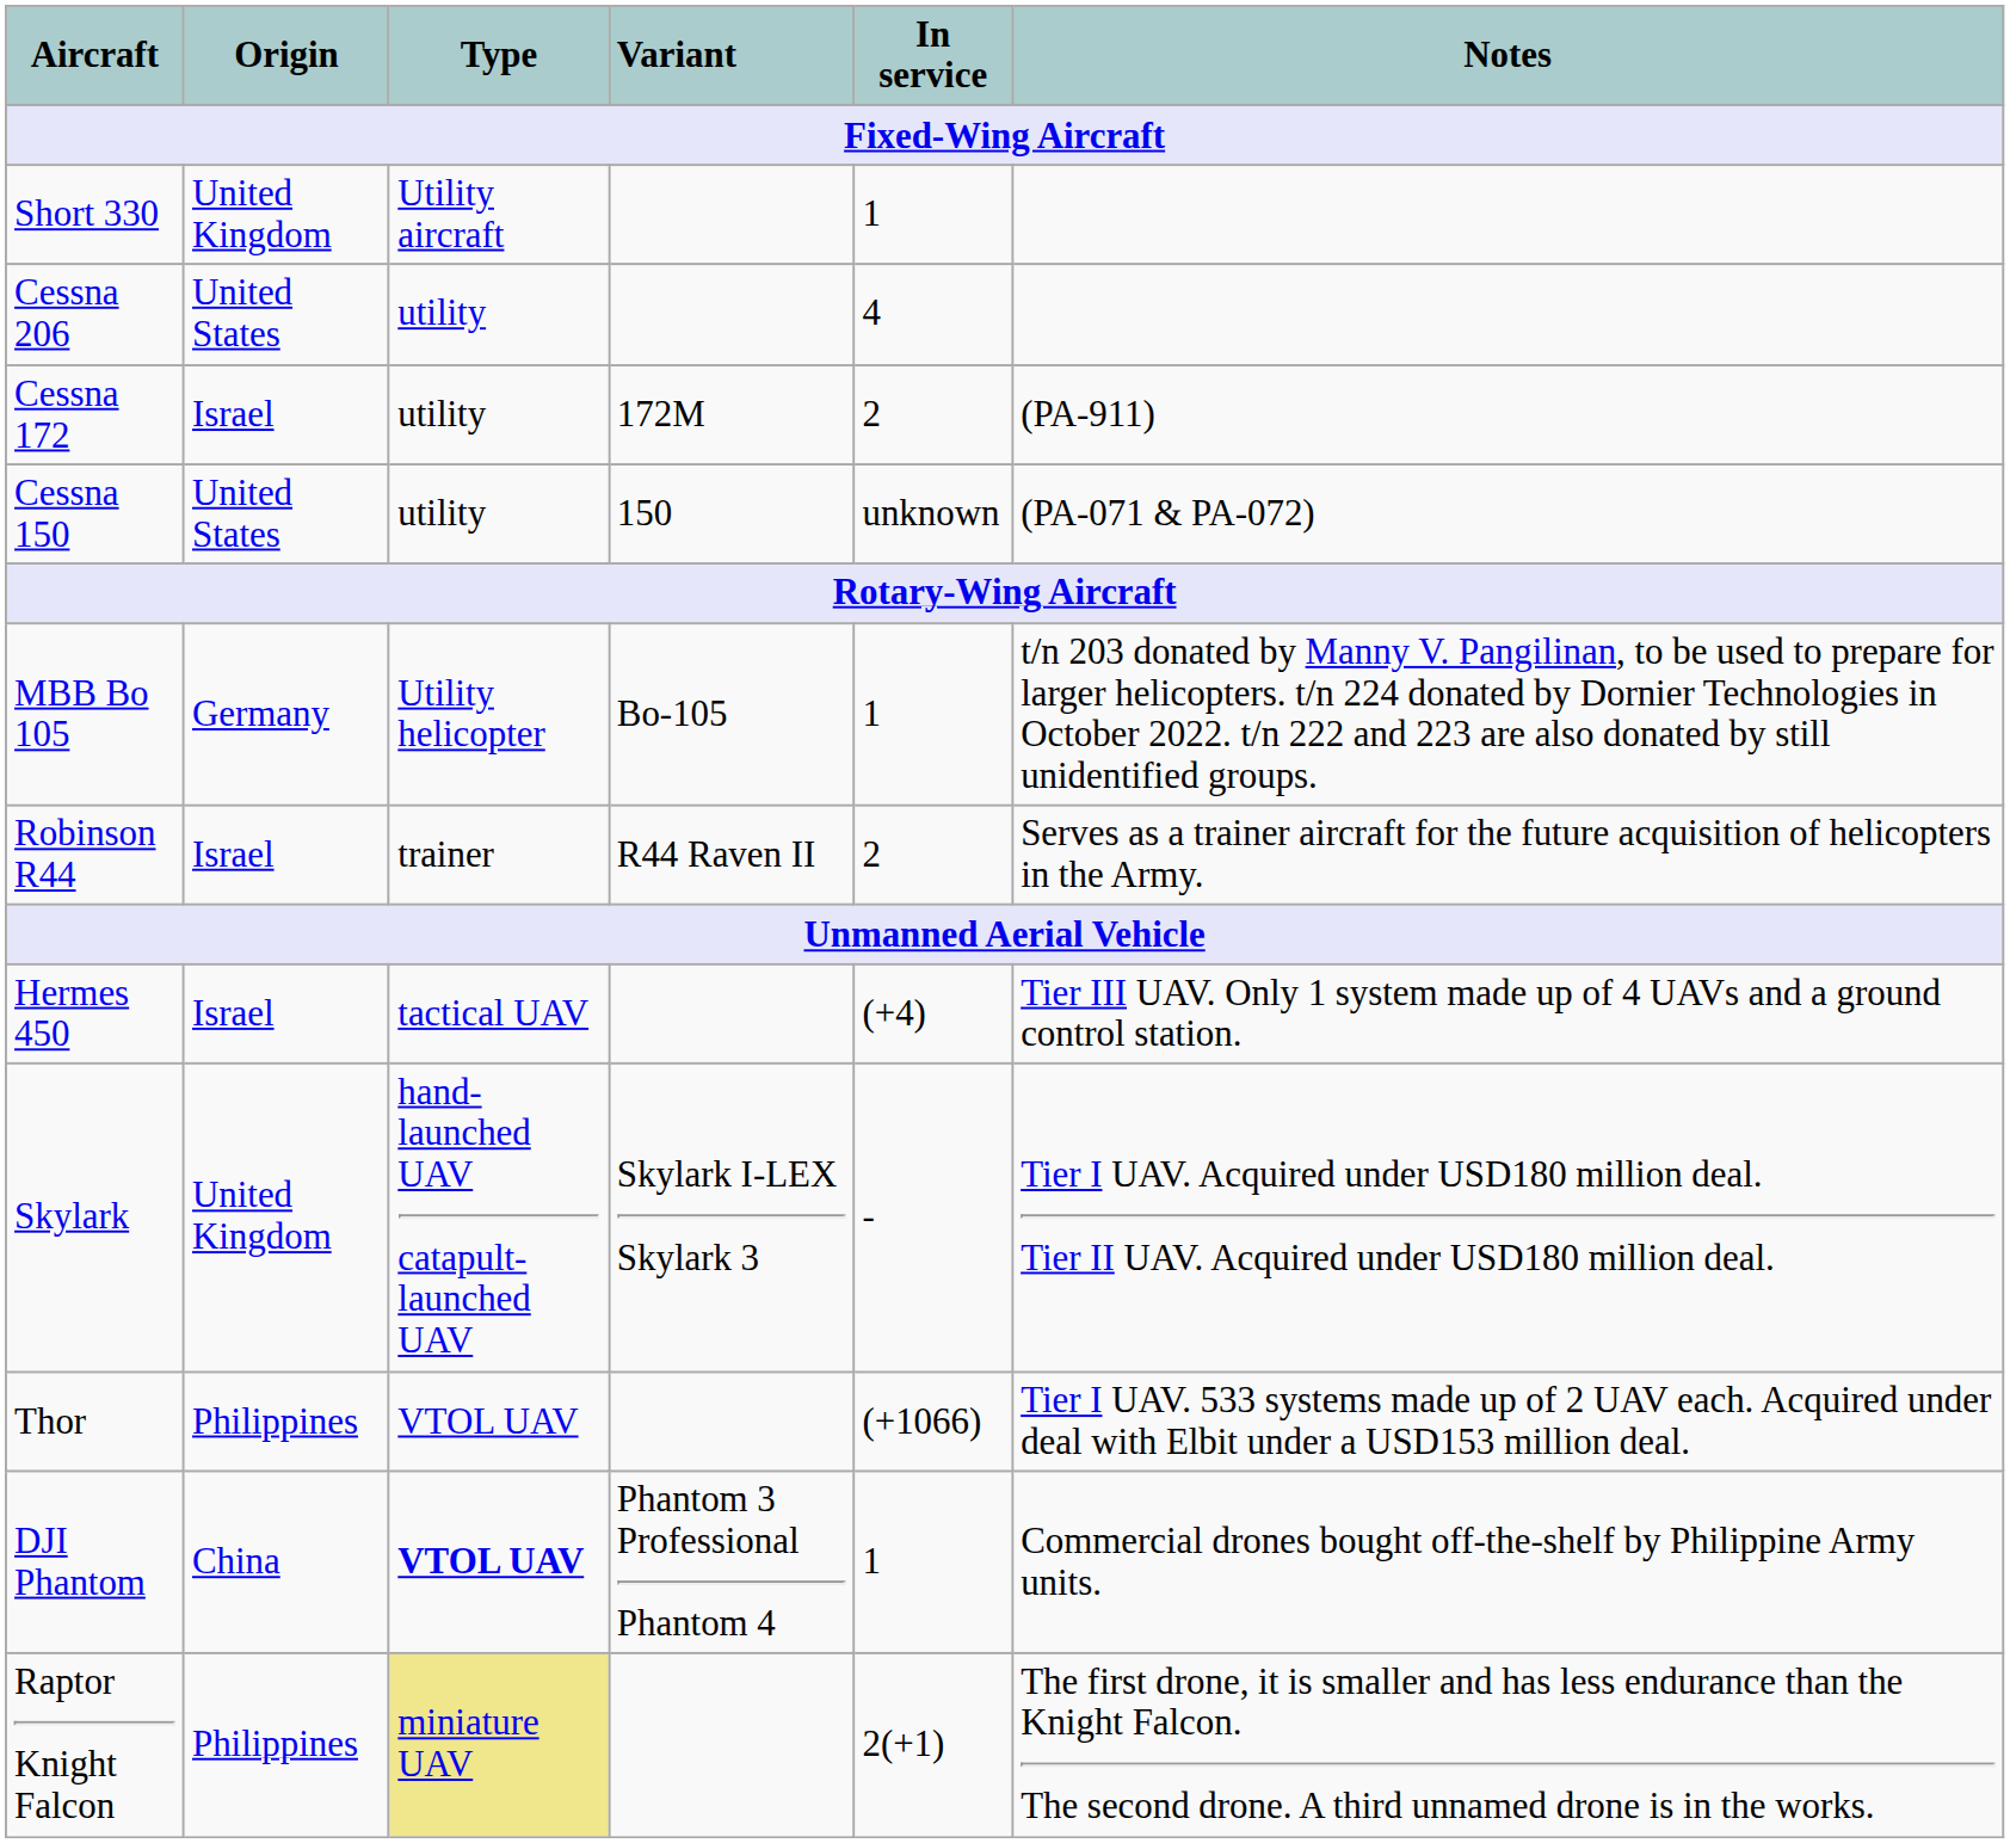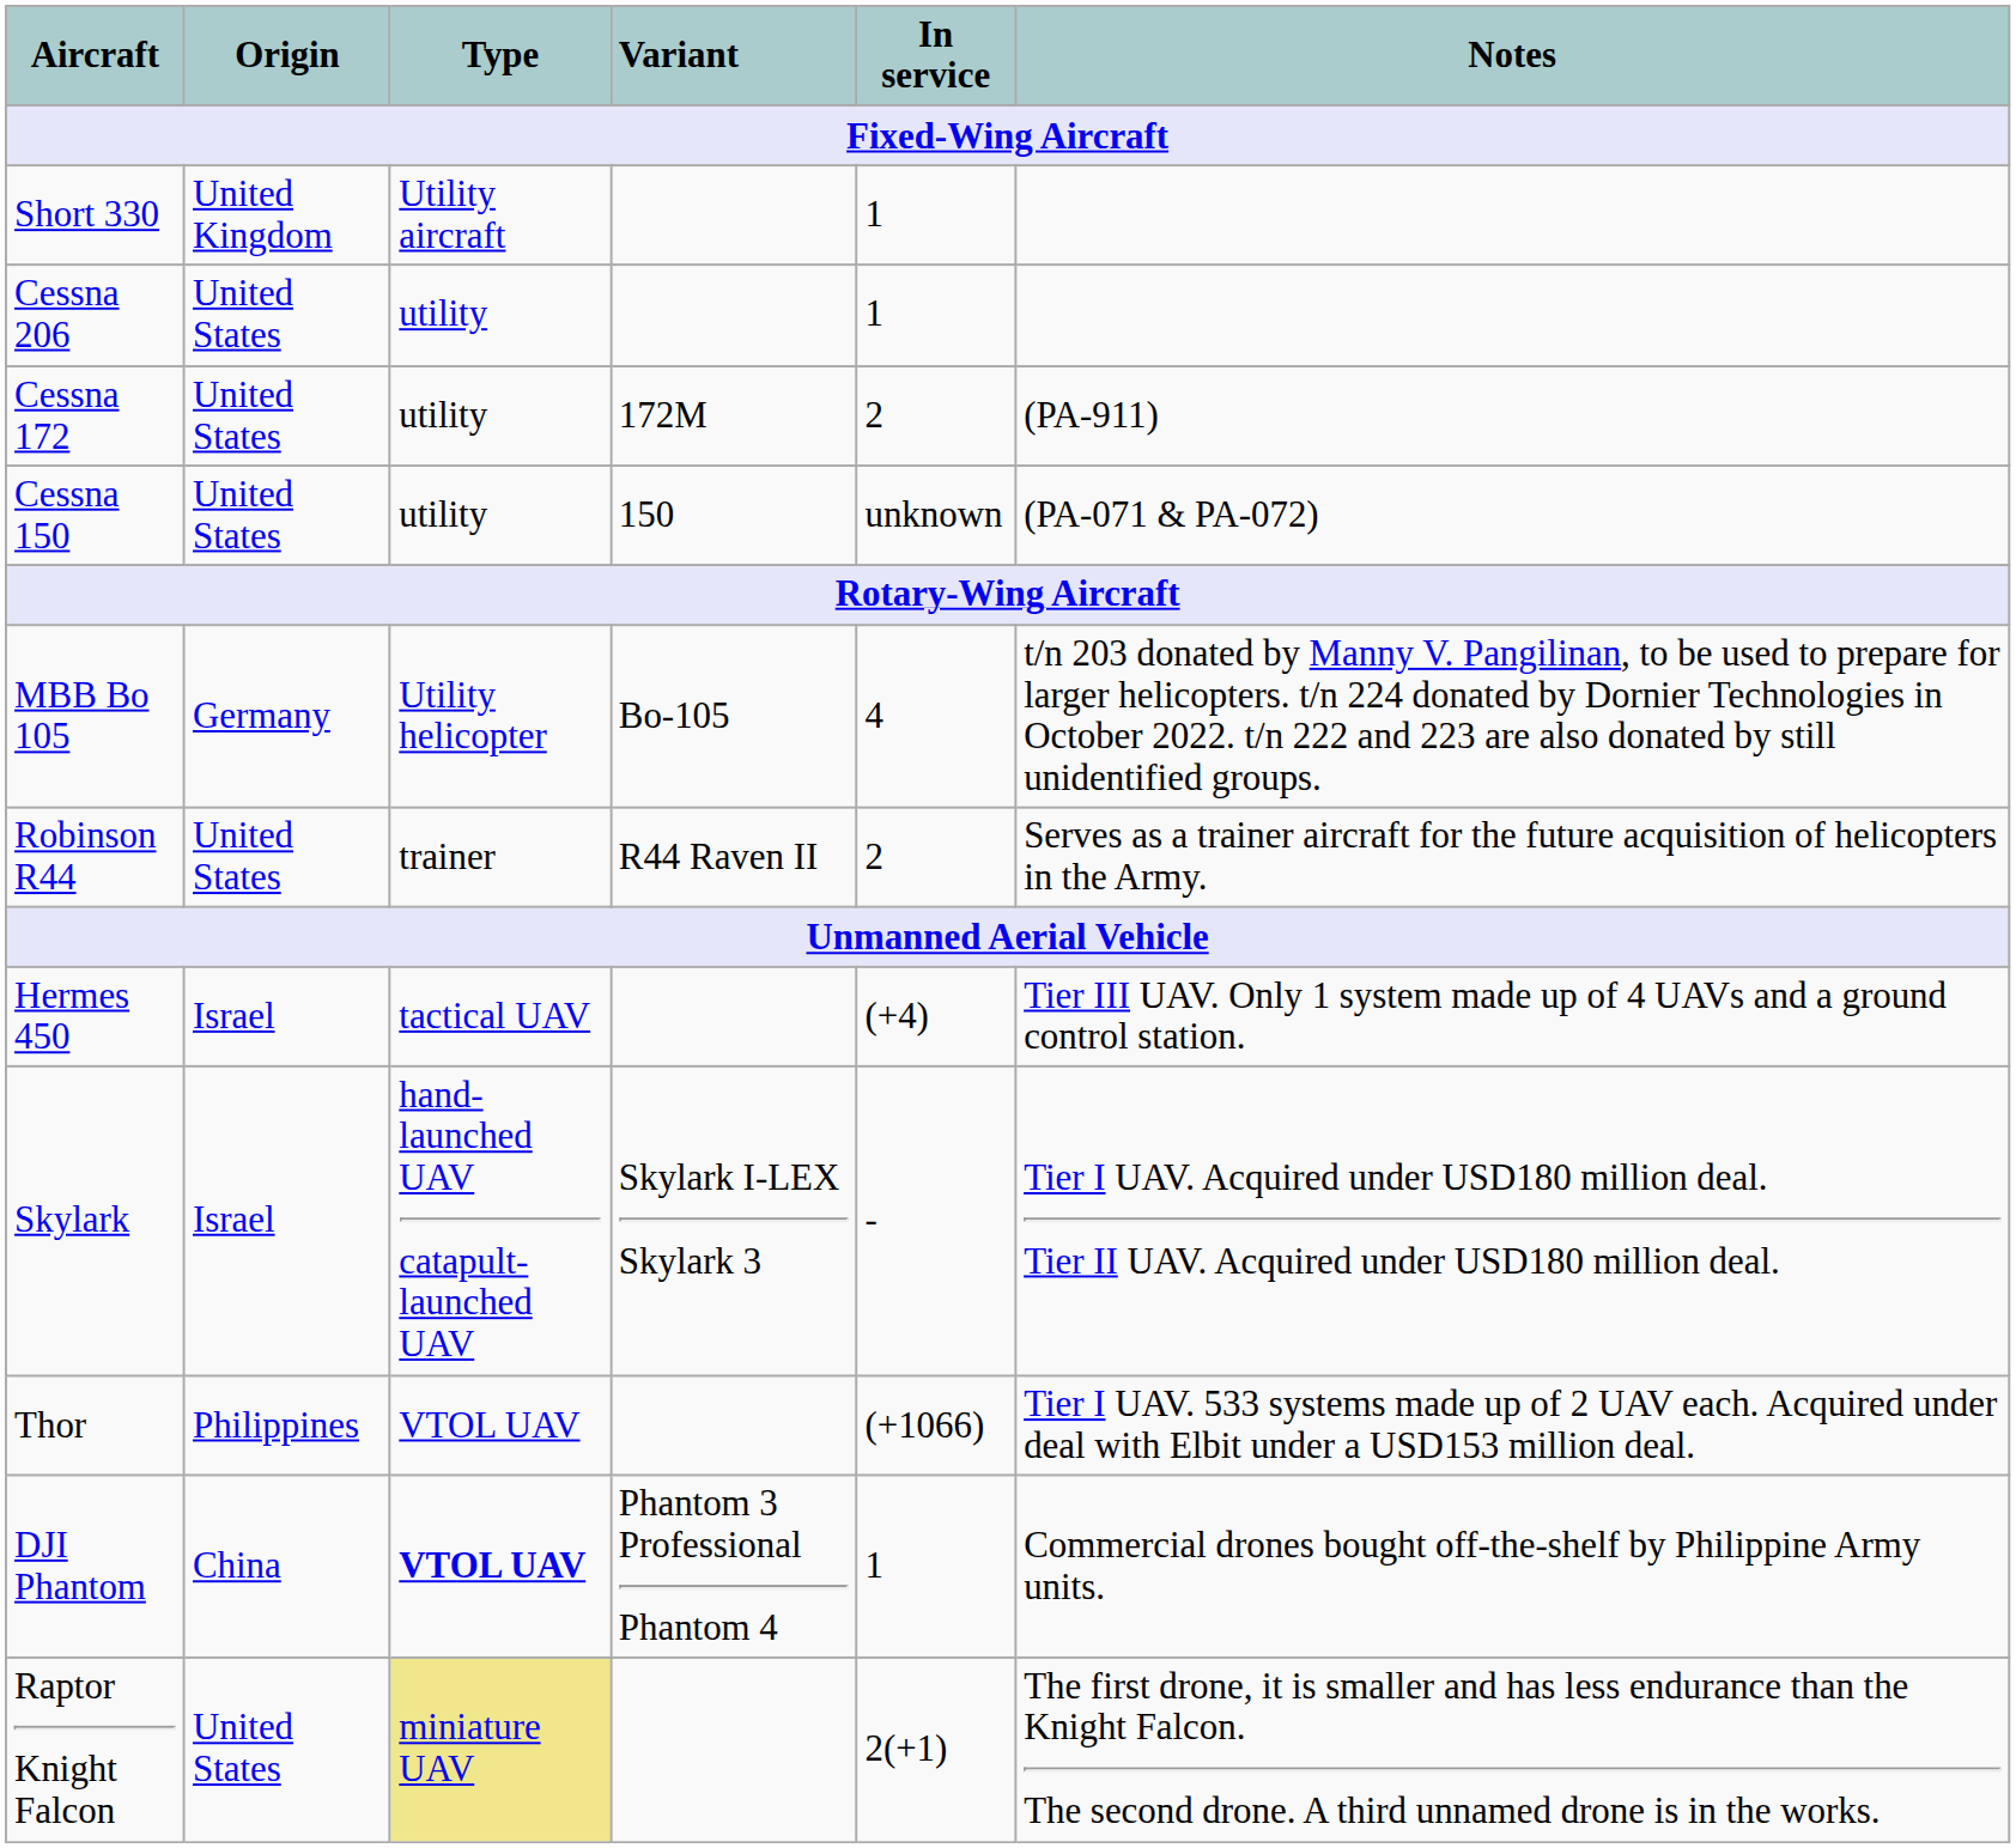 <table class="wikitable">
 <tr>
 <th style="text-align:center; background:#acc;">Aircraft</th>
 <th style="text-align: center; background:#acc;">Origin</th>
 <th style="text-align:l center; background:#acc;">Type</th>
 <th style="text-align:left; background:#acc;">Variant</th>
 <th style="text-align:center; background:#acc;">In service</th>
 <th style="text-align: center; background:#acc;">Notes</th>
 </tr>
 <tr>
 <th style="align: center; background: lavender;" colspan="6"><a href='#'>Fixed-Wing Aircraft</a></th>
 </tr>
 <tr>
 <td><a href='#'>Short 330</a></td>
 <td><a href='#'>United Kingdom</a></td>
 <td><a href='#'>Utility aircraft</a></td>
 <td></td>
 <td>1</td>
 <td></td>
 </tr>
 <tr>
 <td><a href='#'>Cessna 206</a></td>
 <td><a href='#'>United States</a></td>
 <td><a href='#'>utility</a></td>
 <td></td>
-<td>4</td>
+<td>1</td>
 <td></td>
 </tr>
 <tr>
 <td><a href='#'>Cessna 172</a></td>
-<td><a href='#'>Israel</a></td>
+<td><a href='#'>United States</a></td>
 <td>utility</td>
 <td>172M</td>
 <td>2</td>
 <td>(PA-911) </td>
 </tr>
 <tr>
 <td><a href='#'>Cessna 150</a></td>
 <td><a href='#'>United States</a></td>
 <td>utility</td>
 <td>150</td>
 <td>unknown</td>
 <td>(PA-071 & PA-072)</td>
 </tr>
 <tr>
 <th style="align: center; background: lavender;" colspan="6"><a href='#'>Rotary-Wing Aircraft</a></th>
 </tr>
 <tr>
 <td><a href='#'>MBB Bo 105</a></td>
 <td><a href='#'>Germany</a></td>
 <td><a href='#'>Utility helicopter</a></td>
 <td>Bo-105</td>
-<td>1</td>
+<td>4</td>
 <td>t/n 203 donated by <a href='#'>Manny V. Pangilinan</a>, to be used to prepare for larger helicopters. t/n 224 donated by Dornier Technologies in October 2022. t/n 222 and 223 are also donated by still unidentified groups.</td>
 </tr>
 <tr>
 <td><a href='#'>Robinson R44</a></td>
-<td><a href='#'>Israel</a></td>
+<td><a href='#'>United States</a></td>
 <td>trainer</td>
 <td>R44 Raven II</td>
 <td>2</td>
 <td>Serves as a trainer aircraft for the future acquisition of helicopters in the Army.</td>
 </tr>
 <tr>
 <th style="text-align: center; background: Lavender;" colspan="6"><a href='#'>Unmanned Aerial Vehicle</a></th>
 </tr>
 <tr>
 <td><a href='#'>Hermes 450</a></td>
 <td><a href='#'>Israel</a></td>
 <td><a href='#'>tactical UAV</a></td>
 <td></td>
 <td>(+4)</td>
 <td><a href='#'>Tier III</a> UAV. Only 1 system made up of 4 UAVs and a ground control station.</td>
 </tr>
 <tr>
 <td><a href='#'>Skylark</a></td>
-<td><a href='#'>United Kingdom</a></td>
+<td><a href='#'>Israel</a></td>
 <td><a href='#'>hand-launched UAV</a><hr><a href='#'>catapult-launched UAV</a></td>
 <td>Skylark I-LEX<hr>Skylark 3</td>
 <td>-</td>
 <td><a href='#'>Tier I</a> UAV. Acquired under USD180 million deal.<hr><a href='#'>Tier II</a> UAV. Acquired under USD180 million deal.</td>
 </tr>
 <tr>
 <td>Thor</td>
 <td><a href='#'>Philippines</a></td>
 <td><a href='#'>VTOL UAV</a></td>
 <td></td>
 <td>(+1066)</td>
 <td><a href='#'>Tier I</a> UAV. 533 systems made up of 2 UAV each. Acquired under deal with Elbit under a USD153 million deal.</td>
 </tr>
 <tr>
 <td><a href='#'>DJI Phantom</a></td>
 <td><a href='#'>China</a></td>
 <td><strong><a href='#'>VTOL UAV</a></strong></td>
 <td>Phantom 3 Professional<hr>Phantom 4</td>
 <td>1</td>
 <td>Commercial drones bought off-the-shelf by Philippine Army units.</td>
 </tr>
 <tr>
 <td>Raptor<hr>Knight Falcon</td>
-<td><a href='#'>Philippines</a></td>
+<td><a href='#'>United States</a></td>
 <td style="background: khaki;"><a href='#'>miniature UAV</a></td>
 <td></td>
 <td>2(+1)</td>
 <td>The first drone, it is smaller and has less endurance than the Knight Falcon.<hr>The second drone. A third unnamed drone is in the works.</td>
 </tr>
 </table>
